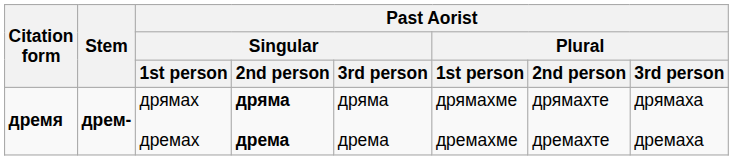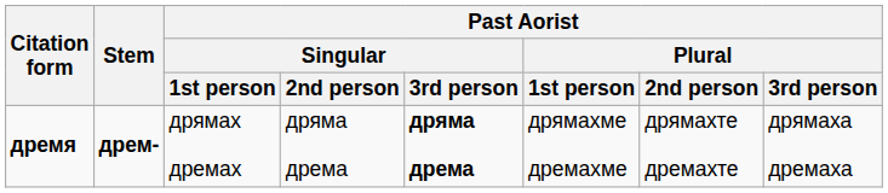 <table class="wikitable">
 <tr>
 <th rowspan="3">Citation<br>form</th>
 <th rowspan="3">Stem</th>
 <th colspan="6">Past Aorist</th>
 </tr>
 <tr>
 <th colspan="3">Singular</th>
 <th colspan="3">Plural</th>
 </tr>
 <tr>
 <th><strong>1st person</strong></th>
 <th><strong>2nd person</strong></th>
 <th><strong>3rd person</strong></th>
 <th><strong>1st person</strong></th>
 <th><strong>2nd person</strong></th>
 <th><strong>3rd person</strong></th>
 </tr>
 <tr>
 <td><strong>дремя</strong> <br></td>
 <td><strong>др<span>е</span>м-</strong> <br></td>
 <td>др<span>я</span>м<span>а</span><span>х</span> <br> <br>др<span>е</span>м<span>а</span><span>х</span> <br></td>
-<td><strong>др<span>я</span>м<span>а</span> <br> <br>др<span>е</span>м<span>а</span> <br></strong></td>
-<td>др<span>я</span>м<span>а</span> <br> <br>др<span>е</span>м<span>а</span><br></td>
+<td>др<span>я</span>м<span>а</span> <br> <br>др<span>е</span>м<span>а</span> <br></td>
+<td><strong>др<span>я</span>м<span>а</span> <br> <br>др<span>е</span>м<span>а</span><br></strong></td>
 <td>др<span>я</span>м<span>а</span><span>хме</span> <br> <br>др<span>е</span>м<span>а</span><span>хме</span> <br></td>
 <td>др<span>я</span>м<span>а</span><span>хте</span> <br> <br>др<span>е</span>м<span>а</span><span>хте</span> <br></td>
 <td>др<span>я</span>м<span>а</span><span>ха</span> <br> <br>др<span>е</span>м<span>а</span><span>ха</span> <br></td>
 </tr>
 </table>
